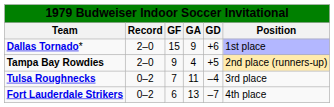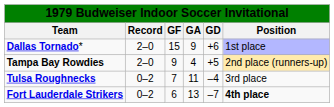 <table class="wikitable sortable">
 <tr>
 <th ! style="background:green" class="unsortable" colspan="7"><span><big> 1979 Budweiser Indoor Soccer Invitational </big></span></th>
 </tr>
 <tr>
 <th>Team</th>
 <th>Record</th>
 <th>GF</th>
 <th>GA</th>
 <th>GD</th>
 <th>Position</th>
 </tr>
 <tr>
 <td><strong><a href='#'>Dallas Tornado</a></strong>*</td>
 <td align=center>2–0</td>
 <td align=center>15</td>
 <td align=center>9</td>
 <td align=center>+6</td>
 <td bgcolor="#B3B7FF">1st place</td>
 </tr>
 <tr>
 <td><strong>Tampa Bay Rowdies</strong></td>
 <td align=center>2–0</td>
 <td align=center>9</td>
 <td align=center>4</td>
 <td align=center>+5</td>
 <td style="background:#ffebad;">2nd place (runners-up)</td>
 </tr>
 <tr>
 <td><strong><a href='#'>Tulsa Roughnecks</a></strong></td>
 <td align=center>0–2</td>
 <td align=center>7</td>
 <td align=center>11</td>
 <td align=center>–4</td>
 <td>3rd place</td>
 </tr>
 <tr>
 <td><strong><a href='#'>Fort Lauderdale Strikers</a></strong></td>
 <td align=center>0–2</td>
 <td align=center>6</td>
 <td align=center>13</td>
 <td align=center>–7</td>
-<td>4th place</td>
+<td><strong>4th place</strong></td>
 </tr>
 </table>
